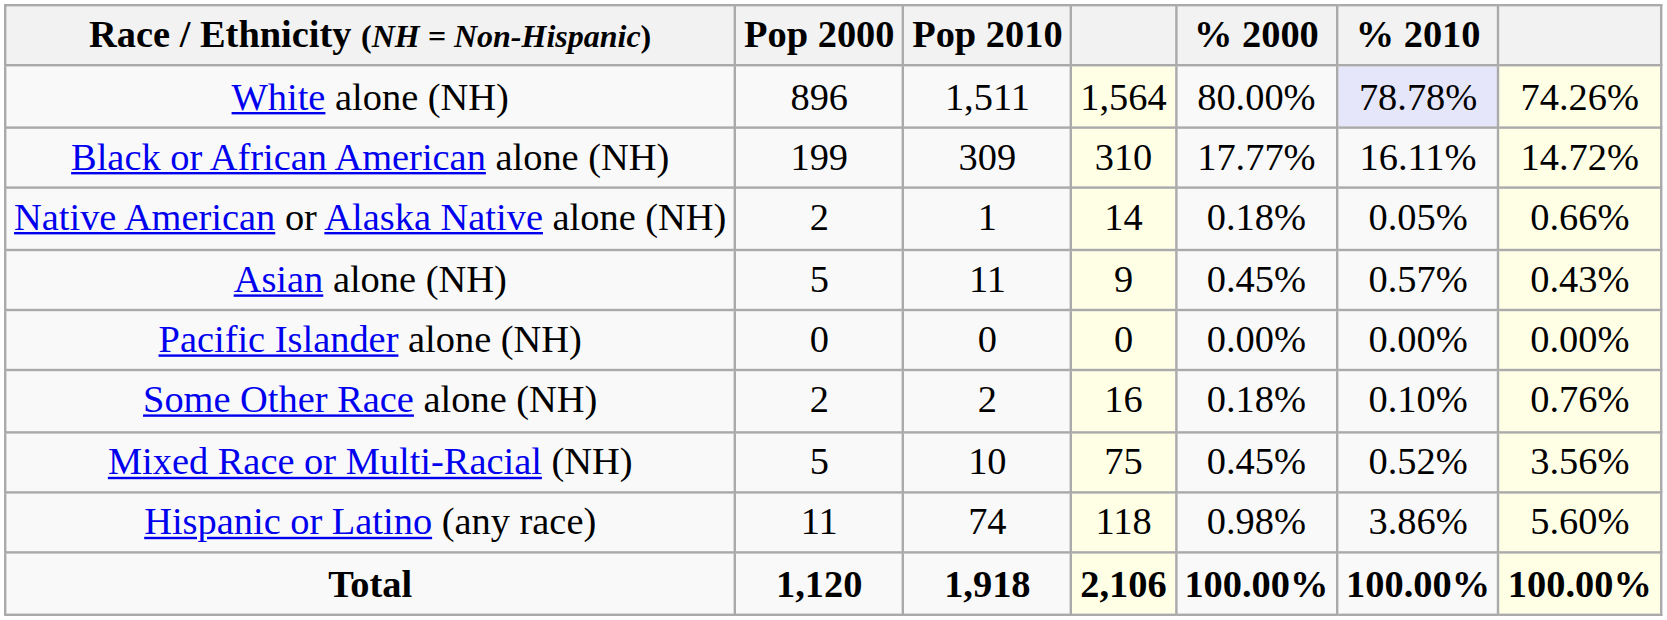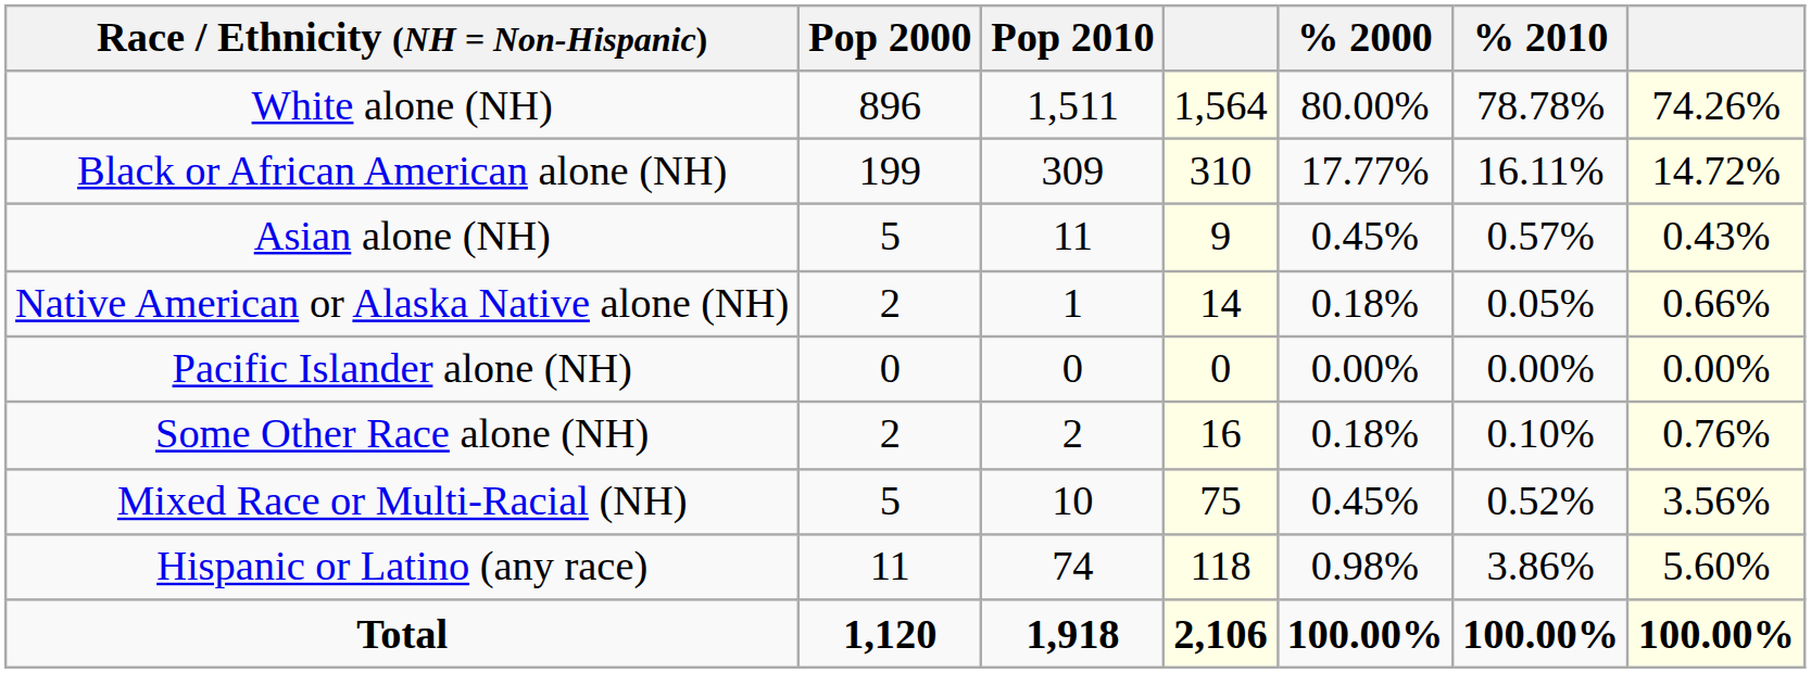 <table class="wikitable" style="text-align:center;">
 <tr>
 <th>Race / Ethnicity <small>(<em>NH = Non-Hispanic</em>)</small></th>
 <th>Pop 2000</th>
 <th>Pop 2010</th>
 <th></th>
 <th>% 2000</th>
 <th>% 2010</th>
 <th></th>
 </tr>
 <tr>
 <td><a href='#'>White</a> alone (NH)</td>
 <td>896</td>
 <td>1,511</td>
 <td style='background: #ffffe6;'>1,564</td>
 <td>80.00%</td>
-<td style="background: lavender;">78.78%</td>
+<td>78.78%</td>
 <td style='background: #ffffe6;'>74.26%</td>
 </tr>
 <tr>
 <td><a href='#'>Black or African American</a> alone (NH)</td>
 <td>199</td>
 <td>309</td>
 <td style='background: #ffffe6;'>310</td>
 <td>17.77%</td>
 <td>16.11%</td>
 <td style='background: #ffffe6;'>14.72%</td>
 </tr>
 <tr>
+<td><a href='#'>Asian</a> alone (NH)</td>
+<td>5</td>
+<td>11</td>
+<td style='background: #ffffe6;'>9</td>
+<td>0.45%</td>
+<td>0.57%</td>
+<td style='background: #ffffe6;'>0.43%</td>
+</tr>
+<tr>
 <td><a href='#'>Native American</a> or <a href='#'>Alaska Native</a> alone (NH)</td>
 <td>2</td>
 <td>1</td>
 <td style='background: #ffffe6;'>14</td>
 <td>0.18%</td>
 <td>0.05%</td>
 <td style='background: #ffffe6;'>0.66%</td>
-</tr>
-<tr>
-<td><a href='#'>Asian</a> alone (NH)</td>
-<td>5</td>
-<td>11</td>
-<td style='background: #ffffe6;'>9</td>
-<td>0.45%</td>
-<td>0.57%</td>
-<td style='background: #ffffe6;'>0.43%</td>
 </tr>
 <tr>
 <td><a href='#'>Pacific Islander</a> alone (NH)</td>
 <td>0</td>
 <td>0</td>
 <td style='background: #ffffe6;'>0</td>
 <td>0.00%</td>
 <td>0.00%</td>
 <td style='background: #ffffe6;'>0.00%</td>
 </tr>
 <tr>
 <td><a href='#'>Some Other Race</a> alone (NH)</td>
 <td>2</td>
 <td>2</td>
 <td style='background: #ffffe6;'>16</td>
 <td>0.18%</td>
 <td>0.10%</td>
 <td style='background: #ffffe6;'>0.76%</td>
 </tr>
 <tr>
 <td><a href='#'>Mixed Race or Multi-Racial</a> (NH)</td>
 <td>5</td>
 <td>10</td>
 <td style='background: #ffffe6;'>75</td>
 <td>0.45%</td>
 <td>0.52%</td>
 <td style='background: #ffffe6;'>3.56%</td>
 </tr>
 <tr>
 <td><a href='#'>Hispanic or Latino</a> (any race)</td>
 <td>11</td>
 <td>74</td>
 <td style='background: #ffffe6;'>118</td>
 <td>0.98%</td>
 <td>3.86%</td>
 <td style='background: #ffffe6;'>5.60%</td>
 </tr>
 <tr>
 <td><strong>Total</strong></td>
 <td><strong>1,120</strong></td>
 <td><strong>1,918</strong></td>
 <td style='background: #ffffe6;'><strong>2,106</strong></td>
 <td><strong>100.00%</strong></td>
 <td><strong>100.00%</strong></td>
 <td style='background: #ffffe6;'><strong>100.00%</strong></td>
 </tr>
 </table>
